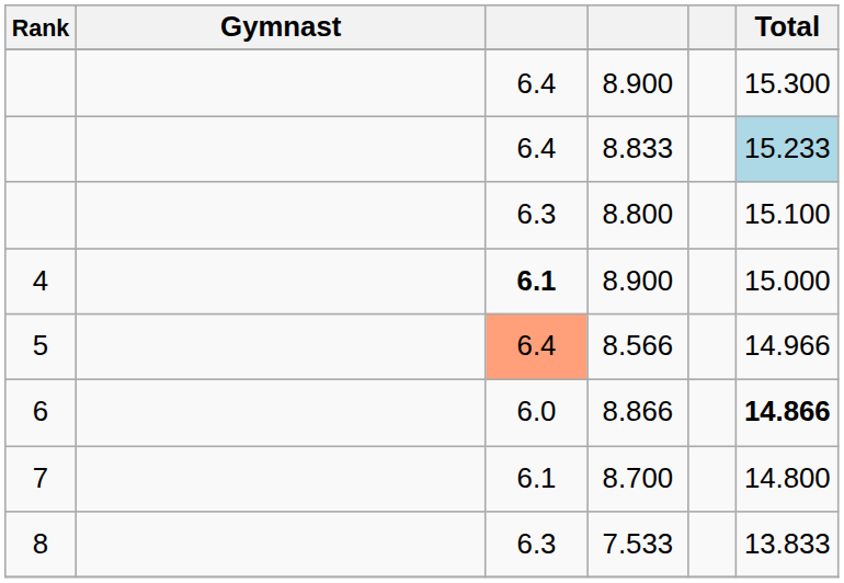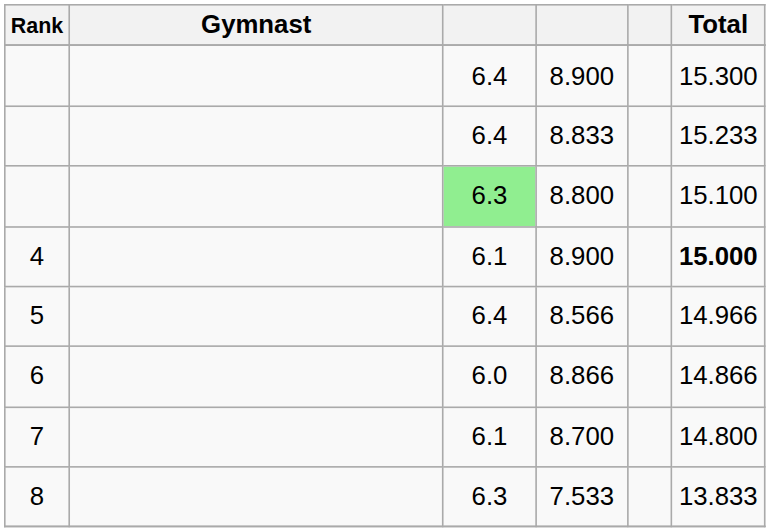 <table style="text-align:center;" class="wikitable sortable">
 <tr>
 <th scope="col" style="width:15px;"><small>Rank</small></th>
 <th scope="col" style="width:225px;">Gymnast</th>
 <th scope="col" style="width:50px;"><small></small></th>
 <th scope="col" style="width:50px;"><small></small></th>
 <th scope="col" style="width:20px;"><small></small></th>
 <th scope="col" style="width:50px;">Total</th>
 </tr>
 <tr>
 </tr>
 <tr>
 <td scope="row" style="text-align:center"></td>
 <td style="height:30px; text-align:left;"></td>
 <td>6.4</td>
 <td>8.900</td>
 <td></td>
 <td>15.300</td>
 </tr>
 <tr>
 <td scope="row" style="text-align:center"></td>
 <td style="height:30px; text-align:left;"></td>
 <td>6.4</td>
 <td>8.833</td>
 <td></td>
-<td style="background: lightblue;">15.233</td>
+<td>15.233</td>
 </tr>
 <tr>
 <td scope="row" style="text-align:center"></td>
 <td style="height:30px; text-align:left;"></td>
-<td>6.3</td>
+<td style="background: lightgreen;">6.3</td>
 <td>8.800</td>
 <td></td>
 <td>15.100</td>
 </tr>
 <tr>
 <td scope="row" style="text-align:center">4</td>
 <td style="height:30px; text-align:left;"></td>
-<td><strong>6.1</strong></td>
+<td>6.1</td>
 <td>8.900</td>
 <td></td>
-<td>15.000</td>
+<td><strong>15.000</strong></td>
 </tr>
 <tr>
 <td scope="row" style="text-align:center">5</td>
 <td style="height:30px; text-align:left;"></td>
-<td style="background: lightsalmon;">6.4</td>
+<td>6.4</td>
 <td>8.566</td>
 <td></td>
 <td>14.966</td>
 </tr>
 <tr>
 <td scope="row" style="text-align:center">6</td>
 <td style="height:30px; text-align:left;"></td>
 <td>6.0</td>
 <td>8.866</td>
 <td></td>
-<td><strong>14.866</strong></td>
+<td>14.866</td>
 </tr>
 <tr>
 <td scope="row" style="text-align:center">7</td>
 <td style="height:30px; text-align:left;"></td>
 <td>6.1</td>
 <td>8.700</td>
 <td></td>
 <td>14.800</td>
 </tr>
 <tr>
 <td scope="row" style="text-align:center">8</td>
 <td style="height:30px; text-align:left;"></td>
 <td>6.3</td>
 <td>7.533</td>
 <td></td>
 <td>13.833</td>
 </tr>
 <tr>
 </tr>
 </table>
